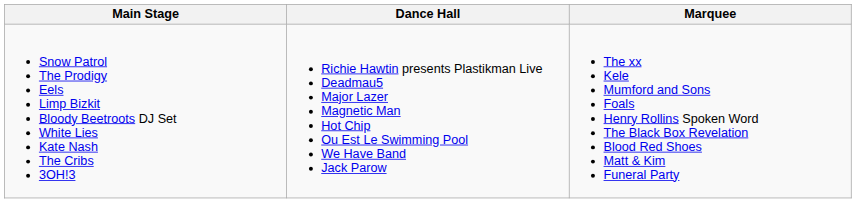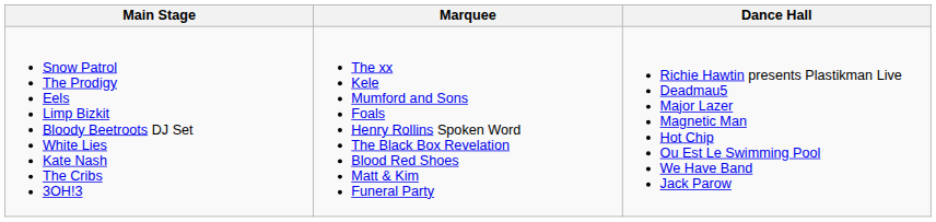 <table class="wikitable">
 <tr>
 <th width="350" rowspan="1">Main Stage</th>
+<th width="350" rowspan="1">Marquee</th>
 <th width="350" rowspan="1">Dance Hall</th>
-<th width="350" rowspan="1">Marquee</th>
 </tr>
 <tr>
 <td><br><ul><li><a href='#'>Snow Patrol</a></li><li><a href='#'>The Prodigy</a></li><li><a href='#'>Eels</a></li><li><a href='#'>Limp Bizkit</a></li><li><a href='#'>Bloody Beetroots</a> DJ Set</li><li><a href='#'>White Lies</a></li><li><a href='#'>Kate Nash</a></li><li><a href='#'>The Cribs</a></li><li><a href='#'>3OH!3</a></li></ul></td>
+<td><br><ul><li><a href='#'>The xx</a></li><li><a href='#'>Kele</a></li><li><a href='#'>Mumford and Sons</a></li><li><a href='#'>Foals</a></li><li><a href='#'>Henry Rollins</a> Spoken Word</li><li><a href='#'>The Black Box Revelation</a></li><li><a href='#'>Blood Red Shoes</a></li><li><a href='#'>Matt & Kim</a></li><li><a href='#'>Funeral Party</a></li></ul></td>
 <td><br><ul><li><a href='#'>Richie Hawtin</a> presents Plastikman Live</li><li><a href='#'>Deadmau5</a></li><li><a href='#'>Major Lazer</a></li><li><a href='#'>Magnetic Man</a></li><li><a href='#'>Hot Chip</a></li><li><a href='#'>Ou Est Le Swimming Pool</a></li><li><a href='#'>We Have Band</a></li><li><a href='#'>Jack Parow</a></li></ul></td>
-<td><br><ul><li><a href='#'>The xx</a></li><li><a href='#'>Kele</a></li><li><a href='#'>Mumford and Sons</a></li><li><a href='#'>Foals</a></li><li><a href='#'>Henry Rollins</a> Spoken Word</li><li><a href='#'>The Black Box Revelation</a></li><li><a href='#'>Blood Red Shoes</a></li><li><a href='#'>Matt & Kim</a></li><li><a href='#'>Funeral Party</a></li></ul></td>
 </tr>
 </table>
